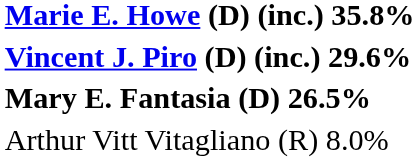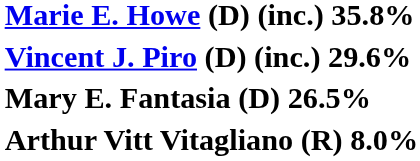 <table>
 <tr>
 <td><strong><a href='#'>Marie E. Howe</a> (D) (inc.) 35.8%</strong></td>
 </tr>
 <tr>
 <td><strong><a href='#'>Vincent J. Piro</a> (D) (inc.) 29.6%</strong></td>
 </tr>
 <tr>
 <td><strong>Mary E. Fantasia (D) 26.5%</strong></td>
 </tr>
 <tr>
-<td>Arthur Vitt Vitagliano (R) 8.0%</td>
+<td><strong>Arthur Vitt Vitagliano (R) 8.0%</strong></td>
 </tr>
 </table>
